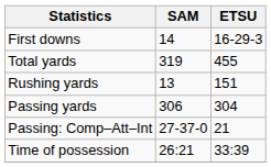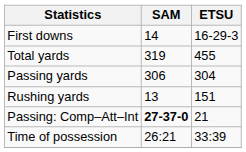 <table class="wikitable" style="float: left;">
 <tr>
 <th>Statistics</th>
 <th>SAM</th>
 <th>ETSU</th>
 </tr>
 <tr>
 <td>First downs</td>
 <td>14</td>
 <td>16-29-3</td>
 </tr>
 <tr>
 <td>Total yards</td>
 <td>319</td>
 <td>455</td>
 </tr>
 <tr>
+<td>Passing yards</td>
+<td>306</td>
+<td>304</td>
+</tr>
+<tr>
 <td>Rushing yards</td>
 <td>13</td>
 <td>151</td>
 </tr>
 <tr>
-<td>Passing yards</td>
-<td>306</td>
-<td>304</td>
-</tr>
-<tr>
 <td>Passing: Comp–Att–Int</td>
-<td>27-37-0</td>
+<td><strong>27-37-0</strong></td>
 <td>21</td>
 </tr>
 <tr>
 <td>Time of possession</td>
 <td>26:21</td>
 <td>33:39</td>
 </tr>
 <tr>
 </tr>
 </table>
